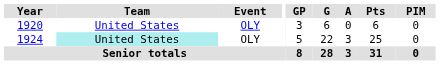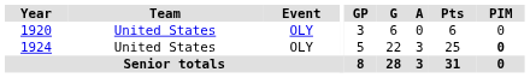 <table border="0" cellpadding="1" cellspacing="0" ID="Table3" style="text-align:center; width:40em">
 <tr bgcolor="#e0e0e0">
 <th>Year</th>
 <th>Team</th>
 <th>Event</th>
 <th rowspan="102" bgcolor="#ffffff"></th>
 <th>GP</th>
 <th>G</th>
 <th>A</th>
 <th>Pts</th>
 <th>PIM</th>
 </tr>
 <tr>
 <td><a href='#'>1920</a></td>
 <td><a href='#'>United States</a></td>
 <td><a href='#'>OLY</a></td>
 <td>3</td>
 <td>6</td>
 <td>0</td>
 <td>6</td>
 <td>0</td>
 </tr>
 <tr>
 <td><a href='#'>1924</a></td>
-<td style="background: paleturquoise;">United States</td>
+<td>United States</td>
 <td>OLY</td>
 <td>5</td>
 <td>22</td>
 <td>3</td>
 <td>25</td>
-<td>0</td>
+<td><strong>0</strong></td>
 </tr>
 <tr bgcolor="#e0e0e0">
 <th colspan="4">Senior totals</th>
 <th>8</th>
 <th>28</th>
 <th>3</th>
 <th>31</th>
 <th>0</th>
 </tr>
 </table>
